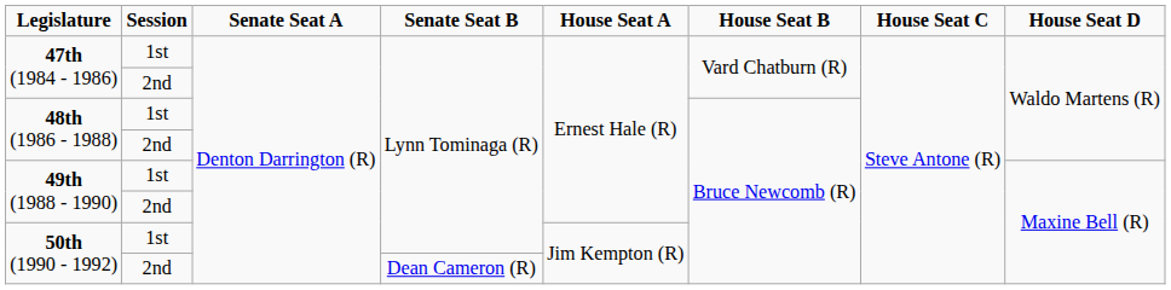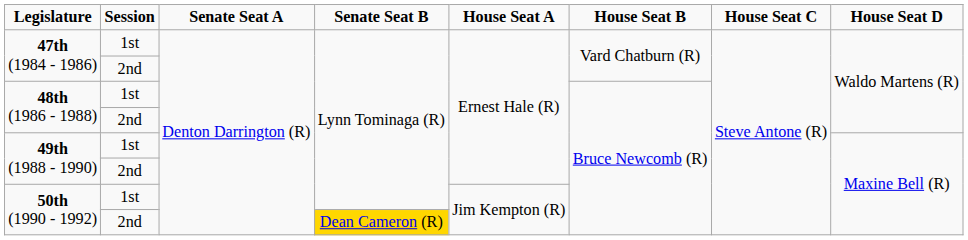 <table class=wikitable style="text-align:center">
 <tr>
 <td><strong>Legislature</strong></td>
 <td><strong>Session</strong></td>
 <td><strong>Senate Seat A</strong></td>
 <td><strong>Senate Seat B</strong></td>
 <td><strong>House Seat A</strong></td>
 <td><strong>House Seat B</strong></td>
 <td><strong>House Seat C</strong></td>
 <td><strong>House Seat D</strong></td>
 </tr>
 <tr>
 <td rowspan="2" colspan="1" style="text-align: center;"><strong>47th</strong> <br> (1984 - 1986)</td>
 <td>1st</td>
 <td rowspan="8" colspan="1" style="text-align: center;" ><a href='#'>Denton Darrington</a> (R)</td>
 <td rowspan="7" colspan="1" style="text-align: center;" >Lynn Tominaga (R)</td>
 <td rowspan="6" colspan="1" style="text-align: center;" >Ernest Hale (R)</td>
 <td rowspan="2" colspan="1" style="text-align: center;" >Vard Chatburn (R)</td>
 <td rowspan="8" colspan="1" style="text-align: center;" ><a href='#'>Steve Antone</a> (R)</td>
 <td rowspan="4" colspan="1" style="text-align: center;" >Waldo Martens (R)</td>
 </tr>
 <tr>
 <td>2nd</td>
 </tr>
 <tr>
 <td rowspan="2" colspan="1" style="text-align: center;"><strong>48th</strong> <br> (1986 - 1988)</td>
 <td>1st</td>
 <td rowspan="6" colspan="1" style="text-align: center;" ><a href='#'>Bruce Newcomb</a> (R)</td>
 </tr>
 <tr>
 <td>2nd</td>
 </tr>
 <tr>
 <td rowspan="2" colspan="1" style="text-align: center;"><strong>49th</strong> <br> (1988 - 1990)</td>
 <td>1st</td>
 <td rowspan="4" colspan="1" style="text-align: center;" ><a href='#'>Maxine Bell</a> (R)</td>
 </tr>
 <tr>
 <td>2nd</td>
 </tr>
 <tr>
 <td rowspan="2" colspan="1" style="text-align: center;"><strong>50th</strong> <br> (1990 - 1992)</td>
 <td>1st</td>
 <td rowspan="2" colspan="1" style="text-align: center;" >Jim Kempton (R)</td>
 </tr>
 <tr>
 <td>2nd</td>
-<td rowspan="1" colspan="1" style="text-align: center;" ><a href='#'>Dean Cameron</a> (R)</td>
+<td rowspan="1" colspan="1" style="background: gold; text-align: center;" ><a href='#'>Dean Cameron</a> (R)</td>
 </tr>
 </table>
